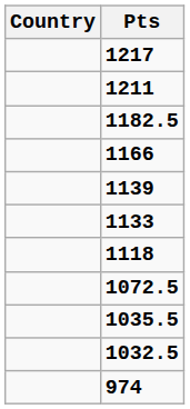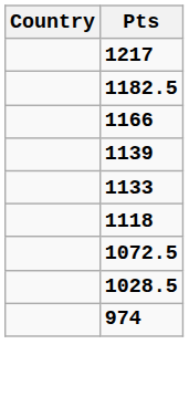 <table class="wikitable" style="display:inline-table;">
 <tr>
 <th>Country</th>
 <th>Pts</th>
 </tr>
 <tr>
 <td></td>
 <td><strong>1217</strong></td>
-</tr>
-<tr>
-<td></td>
-<td><strong>1211</strong></td>
 </tr>
 <tr>
 <td></td>
 <td><strong>1182.5</strong></td>
 </tr>
 <tr>
 <td></td>
 <td><strong>1166</strong></td>
 </tr>
 <tr>
 <td></td>
 <td><strong>1139</strong></td>
 </tr>
 <tr>
 <td></td>
 <td><strong>1133</strong></td>
 </tr>
 <tr>
 <td></td>
 <td><strong>1118</strong></td>
 </tr>
 <tr>
 <td></td>
 <td><strong>1072.5</strong></td>
 </tr>
 <tr>
 <td></td>
-<td><strong>1035.5</strong></td>
-</tr>
-<tr>
-<td></td>
-<td><strong>1032.5</strong></td>
+<td><strong>1028.5</strong></td>
 </tr>
 <tr>
 <td></td>
 <td><strong>974</strong></td>
 </tr>
 </table>
